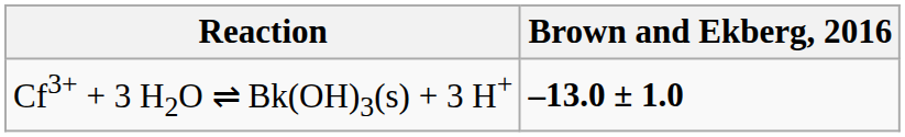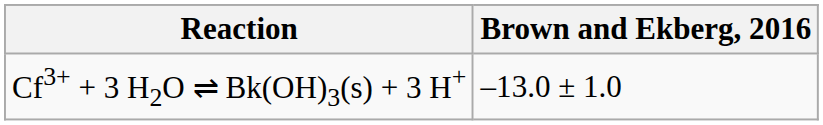 <table class="wikitable">
 <tr>
 <th>Reaction</th>
 <th>Brown and Ekberg, 2016</th>
 </tr>
 <tr>
 <td>Cf<sup>3+</sup> + 3 H<sub>2</sub>O ⇌ Bk(OH)<sub>3</sub>(s) + 3 H<sup>+</sup></td>
-<td><strong>–13.0 ± 1.0</strong></td>
+<td>–13.0 ± 1.0</td>
 </tr>
 </table>
